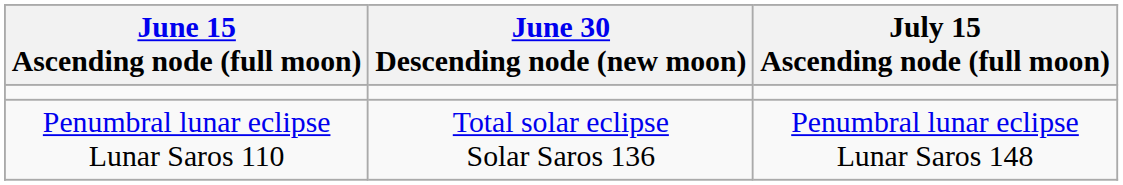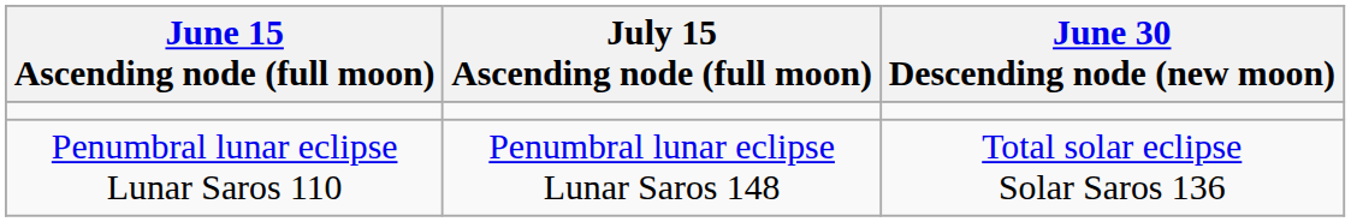 <table class="wikitable">
 <tr>
 <th><a href='#'>June 15</a><br>Ascending node (full moon)<br></th>
+<th>July 15<br>Ascending node (full moon)<br></th>
 <th><a href='#'>June 30</a><br>Descending node (new moon)<br></th>
-<th>July 15<br>Ascending node (full moon)<br></th>
 </tr>
 <tr>
 <td></td>
 <td></td>
 <td></td>
 </tr>
 <tr align=center>
 <td><a href='#'>Penumbral lunar eclipse</a><br>Lunar Saros 110</td>
+<td><a href='#'>Penumbral lunar eclipse</a><br>Lunar Saros 148</td>
 <td><a href='#'>Total solar eclipse</a><br>Solar Saros 136</td>
-<td><a href='#'>Penumbral lunar eclipse</a><br>Lunar Saros 148</td>
 </tr>
 </table>
